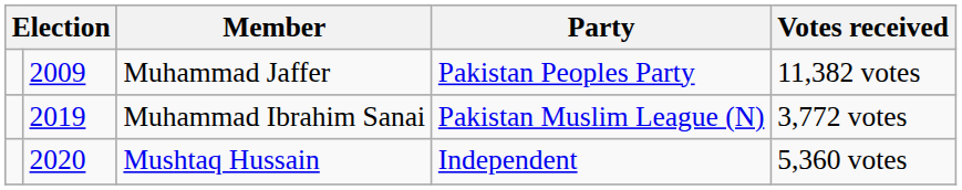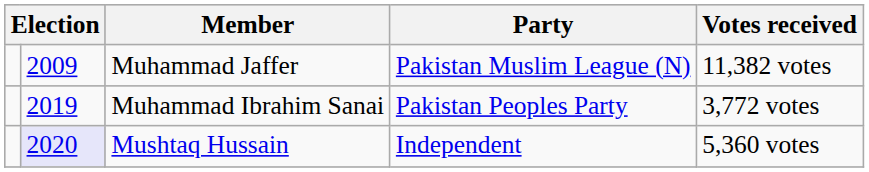 <table class="wikitable">
 <tr>
 <th colspan="2">Election</th>
 <th>Member</th>
 <th>Party</th>
 <th>Votes received</th>
 </tr>
 <tr>
 <td style="background-color: "></td>
 <td><a href='#'>2009</a></td>
 <td>Muhammad Jaffer</td>
-<td><a href='#'>Pakistan Peoples Party</a></td>
+<td><a href='#'>Pakistan Muslim League (N)</a></td>
 <td>11,382 votes</td>
 </tr>
 <tr>
 <td style="background-color: "></td>
 <td><a href='#'>2019</a></td>
 <td>Muhammad Ibrahim Sanai</td>
-<td><a href='#'>Pakistan Muslim League (N)</a></td>
+<td><a href='#'>Pakistan Peoples Party</a></td>
 <td>3,772 votes</td>
 </tr>
 <tr>
 <td></td>
-<td><a href='#'>2020</a></td>
+<td style="background: lavender;"><a href='#'>2020</a></td>
 <td><a href='#'>Mushtaq Hussain</a></td>
 <td><a href='#'>Independent</a></td>
 <td>5,360 votes</td>
 </tr>
 </table>
